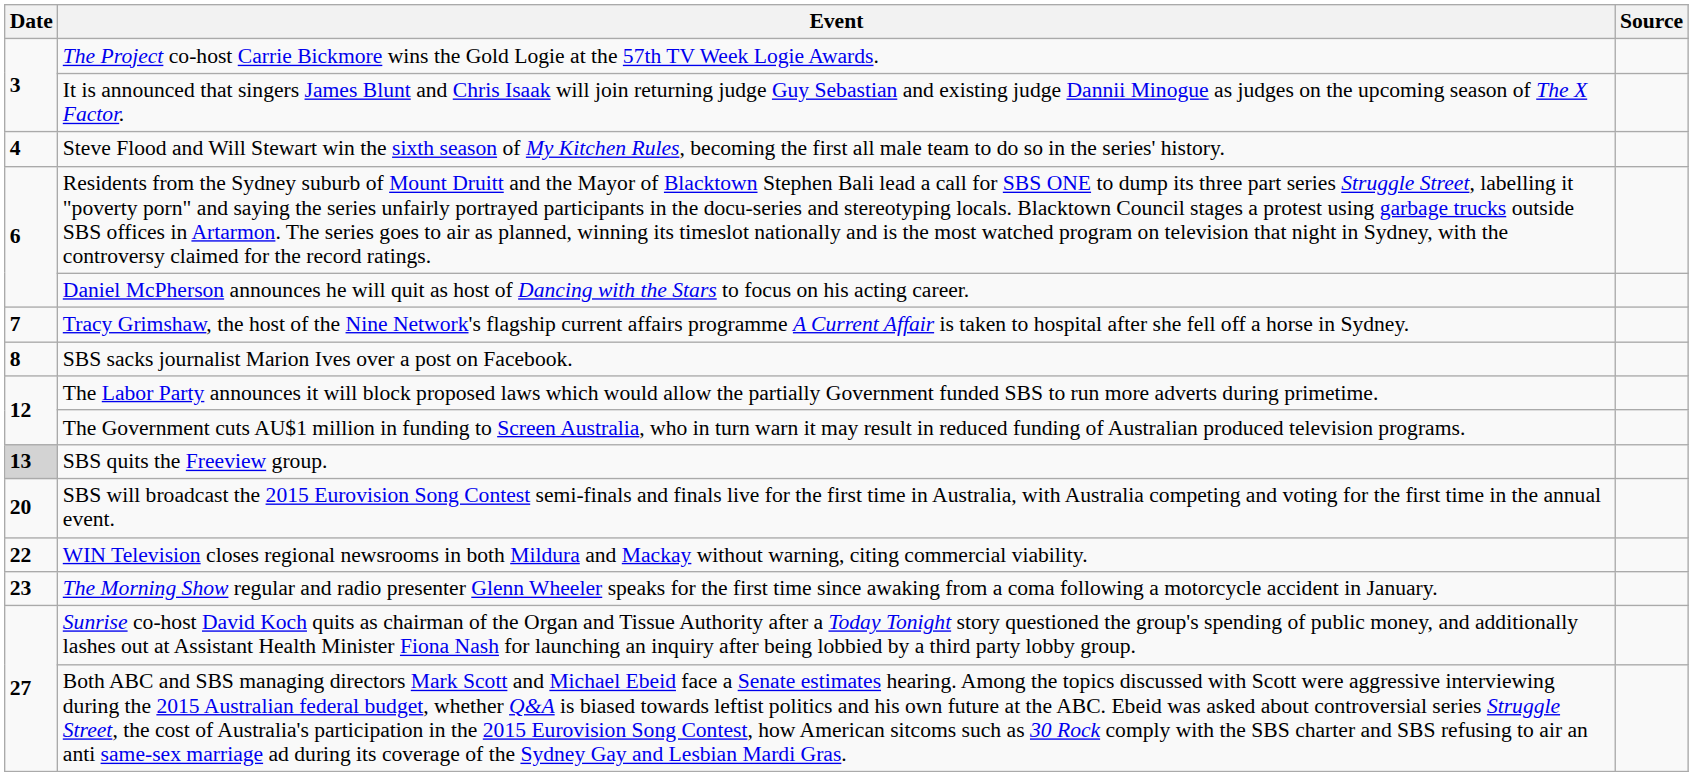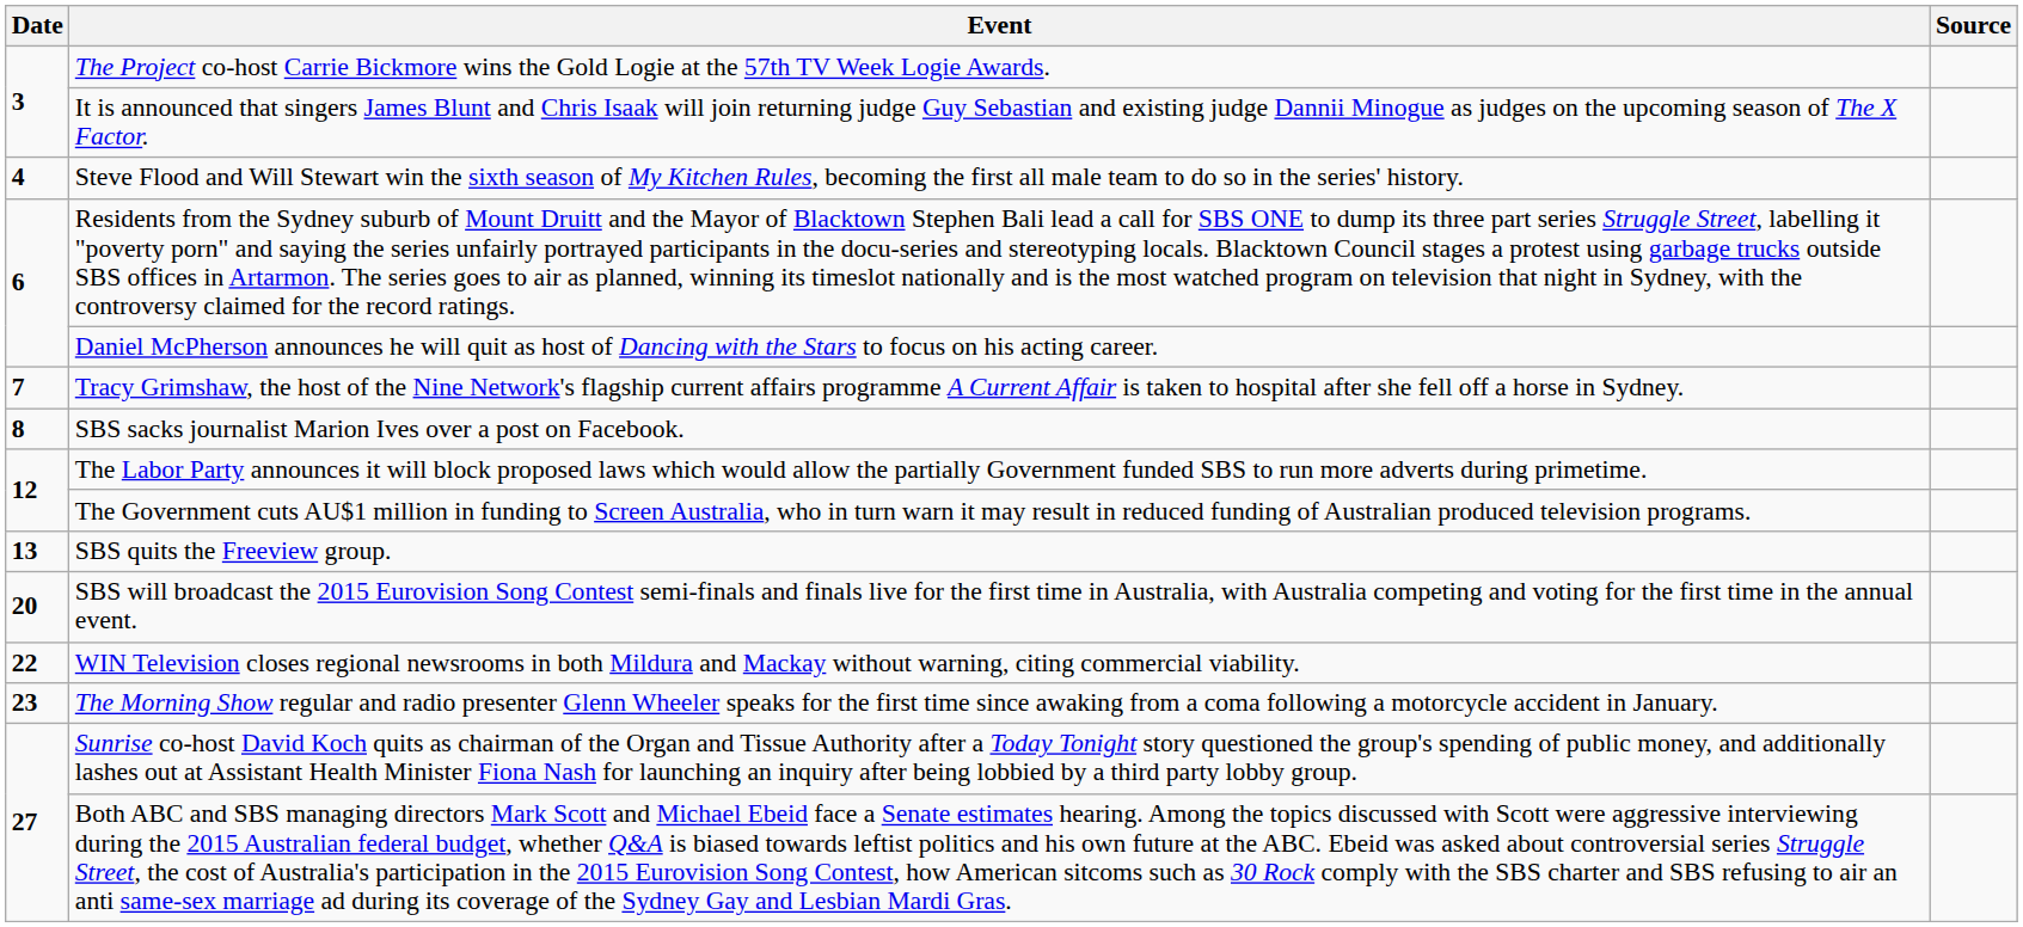 <table class="wikitable">
 <tr>
 <th>Date</th>
 <th>Event</th>
 <th>Source</th>
 </tr>
 <tr>
 <td rowspan="2"><strong>3</strong></td>
 <td><em><a href='#'>The Project</a></em> co-host <a href='#'>Carrie Bickmore</a> wins the Gold Logie at the <a href='#'>57th TV Week Logie Awards</a>.</td>
 <td></td>
 </tr>
 <tr>
 <td>It is announced that singers <a href='#'>James Blunt</a> and <a href='#'>Chris Isaak</a> will join returning judge <a href='#'>Guy Sebastian</a> and existing judge <a href='#'>Dannii Minogue</a> as judges on the upcoming season of <em><a href='#'>The X Factor</a>.</em></td>
 <td></td>
 </tr>
 <tr>
 <td><strong>4</strong></td>
 <td>Steve Flood and Will Stewart win the <a href='#'>sixth season</a> of <em><a href='#'>My Kitchen Rules</a></em>, becoming the first all male team to do so in the series' history.</td>
 <td></td>
 </tr>
 <tr>
 <td rowspan="2"><strong>6</strong></td>
 <td>Residents from the Sydney suburb of <a href='#'>Mount Druitt</a> and the Mayor of <a href='#'>Blacktown</a> Stephen Bali lead a call for <a href='#'>SBS ONE</a> to dump its three part series <em><a href='#'>Struggle Street</a></em>, labelling it "poverty porn" and saying the series unfairly portrayed participants in the docu-series and stereotyping locals. Blacktown Council stages a protest using <a href='#'>garbage trucks</a> outside SBS offices in <a href='#'>Artarmon</a>. The series goes to air as planned, winning its timeslot nationally and is the most watched program on television that night in Sydney, with the controversy claimed for the record ratings.</td>
 <td></td>
 </tr>
 <tr>
 <td><a href='#'>Daniel McPherson</a> announces he will quit as host of <em><a href='#'>Dancing with the Stars</a></em> to focus on his acting career.</td>
 <td></td>
 </tr>
 <tr>
 <td><strong>7</strong></td>
 <td><a href='#'>Tracy Grimshaw</a>, the host of the <a href='#'>Nine Network</a>'s flagship current affairs programme <em><a href='#'>A Current Affair</a></em> is taken to hospital after she fell off a horse in Sydney.</td>
 <td></td>
 </tr>
 <tr>
 <td><strong>8</strong></td>
 <td>SBS sacks journalist Marion Ives over a post on Facebook.</td>
 <td></td>
 </tr>
 <tr>
 <td rowspan="2"><strong>12</strong></td>
 <td>The <a href='#'>Labor Party</a> announces it will block proposed laws which would allow the partially Government funded SBS to run more adverts during primetime.</td>
 <td></td>
 </tr>
 <tr>
 <td>The Government cuts AU$1 million in funding to <a href='#'>Screen Australia</a>, who in turn warn it may result in reduced funding of Australian produced television programs.</td>
 <td></td>
 </tr>
 <tr>
-<td style="background: lightgrey;"><strong>13</strong></td>
+<td><strong>13</strong></td>
 <td>SBS quits the <a href='#'>Freeview</a> group.</td>
 <td></td>
 </tr>
 <tr>
 <td><strong>20</strong></td>
 <td>SBS will broadcast the <a href='#'>2015 Eurovision Song Contest</a> semi-finals and finals live for the first time in Australia, with Australia competing and voting for the first time in the annual event.</td>
 <td></td>
 </tr>
 <tr>
 <td><strong>22</strong></td>
 <td><a href='#'>WIN Television</a> closes regional newsrooms in both <a href='#'>Mildura</a> and <a href='#'>Mackay</a> without warning, citing commercial viability.</td>
 <td></td>
 </tr>
 <tr>
 <td><strong>23</strong></td>
 <td><em><a href='#'>The Morning Show</a></em> regular and radio presenter <a href='#'>Glenn Wheeler</a> speaks for the first time since awaking from a coma following a motorcycle accident in January.</td>
 <td></td>
 </tr>
 <tr>
 <td rowspan="2"><strong>27</strong></td>
 <td><em><a href='#'>Sunrise</a></em> co-host <a href='#'>David Koch</a> quits as chairman of the Organ and Tissue Authority after a <em><a href='#'>Today Tonight</a></em> story questioned the group's spending of public money, and additionally lashes out at Assistant Health Minister <a href='#'>Fiona Nash</a> for launching an inquiry after being lobbied by a third party lobby group.</td>
 <td></td>
 </tr>
 <tr>
 <td>Both ABC and SBS managing directors <a href='#'>Mark Scott</a> and <a href='#'>Michael Ebeid</a> face a <a href='#'>Senate estimates</a> hearing. Among the topics discussed with Scott were aggressive interviewing during the <a href='#'>2015 Australian federal budget</a>, whether <em><a href='#'>Q&A</a></em> is biased towards leftist politics and his own future at the ABC. Ebeid was asked about controversial series <em><a href='#'>Struggle Street</a></em>, the cost of Australia's participation in the <a href='#'>2015 Eurovision Song Contest</a>, how American sitcoms such as <em><a href='#'>30 Rock</a></em> comply with the SBS charter and SBS refusing to air an anti <a href='#'>same-sex marriage</a> ad during its coverage of the <a href='#'>Sydney Gay and Lesbian Mardi Gras</a>.</td>
 <td></td>
 </tr>
 </table>
